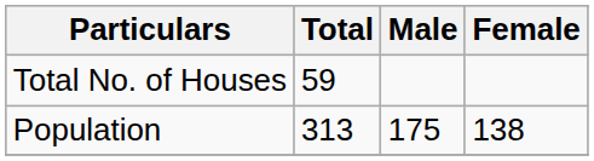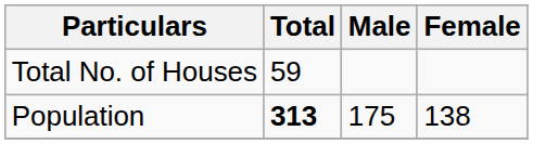 <table class="wikitable sortable">
 <tr>
 <th>Particulars</th>
 <th>Total</th>
 <th>Male</th>
 <th>Female</th>
 </tr>
 <tr>
 <td>Total No. of Houses</td>
 <td>59</td>
 <td></td>
 <td></td>
 </tr>
 <tr>
 <td>Population</td>
-<td>313</td>
+<td><strong>313</strong></td>
 <td>175</td>
 <td>138</td>
 </tr>
 <tr>
 </tr>
 </table>
